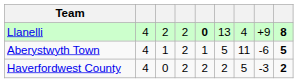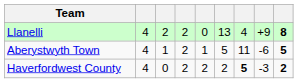 <table class="wikitable" style="text-align: center;">
 <tr>
 <th width=175>Team</th>
 <th width=20></th>
 <th width=20></th>
 <th width=20></th>
 <th width=20></th>
 <th width=20></th>
 <th width=20></th>
 <th width=20></th>
 <th width=20></th>
 </tr>
 <tr bgcolor="#ccffcc">
 <td align=left><a href='#'>Llanelli</a></td>
 <td>4</td>
 <td>2</td>
 <td>2</td>
-<td><strong>0</strong></td>
+<td>0</td>
 <td>13</td>
 <td>4</td>
 <td>+9</td>
 <td><strong>8</strong></td>
 </tr>
 <tr>
 <td align=left><a href='#'>Aberystwyth Town</a></td>
 <td>4</td>
 <td>1</td>
 <td>2</td>
 <td>1</td>
 <td>5</td>
 <td>11</td>
 <td>-6</td>
 <td><strong>5</strong></td>
 </tr>
 <tr>
 <td align=left><a href='#'>Haverfordwest County</a></td>
 <td>4</td>
 <td>0</td>
 <td>2</td>
 <td>2</td>
 <td>2</td>
-<td>5</td>
+<td><strong>5</strong></td>
 <td>-3</td>
 <td><strong>2</strong></td>
 </tr>
 </table>
